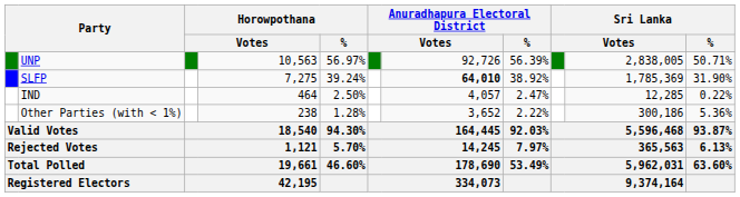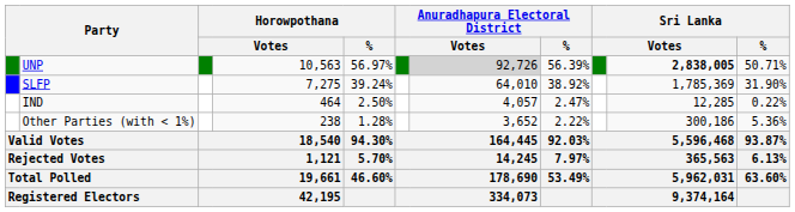 <table class="wikitable">
 <tr>
 <th colspan="2" width="144px"rowspan="2">Party</th>
 <th colspan="3" width="216px">Horowpothana</th>
 <th colspan="3" width="216px"><a href='#'>Anuradhapura Electoral District</a></th>
 <th colspan="3" width="216px">Sri Lanka</th>
 </tr>
 <tr>
 <th colspan="2" width="144px">Votes</th>
 <th>%</th>
 <th colspan="2" width="144px">Votes</th>
 <th>%</th>
 <th colspan="2" width="144px">Votes</th>
 <th>%</th>
 </tr>
 <tr>
 <td style="background-color:green;" width="10px"></td>
 <td style="text-align:left;"><a href='#'>UNP</a></td>
 <td style="background-color:green;" width="10px"></td>
 <td style="text-align:right;">10,563</td>
 <td style="text-align:right;">56.97%</td>
 <td style="background-color:green;" width="10px"></td>
-<td style="text-align:right;">92,726</td>
+<td style="background: lightgrey; text-align:right;">92,726</td>
 <td style="text-align:right;">56.39%</td>
 <td style="background-color:green;" width="10px"></td>
-<td style="text-align:right;">2,838,005</td>
+<td style="text-align:right;"><strong>2,838,005</strong></td>
 <td style="text-align:right;">50.71%</td>
 </tr>
 <tr>
 <td style="background-color:blue;" width="10px"></td>
 <td style="text-align:left;"><a href='#'>SLFP</a></td>
 <td style="background-color:white;" width="10px"></td>
 <td style="text-align:right;">7,275</td>
 <td style="text-align:right;">39.24%</td>
 <td style="background-color:white;" width="10px"></td>
-<td style="text-align:right;"><strong>64,010</strong></td>
+<td style="text-align:right;">64,010</td>
 <td style="text-align:right;">38.92%</td>
 <td style="background-color:white;" width="10px"></td>
 <td style="text-align:right;">1,785,369</td>
 <td style="text-align:right;">31.90%</td>
 </tr>
 <tr>
 <td style="background-color:white;" width="10px"></td>
 <td style="text-align:left;">IND</td>
 <td style="background-color:white;" width="10px"></td>
 <td style="text-align:right;">464</td>
 <td style="text-align:right;">2.50%</td>
 <td style="background-color:white;" width="10px"></td>
 <td style="text-align:right;">4,057</td>
 <td style="text-align:right;">2.47%</td>
 <td style="background-color:white;" width="10px"></td>
 <td style="text-align:right;">12,285</td>
 <td style="text-align:right;">0.22%</td>
 </tr>
 <tr>
 <td style="background-color:white;" width="10px"></td>
 <td style="text-align:left;">Other Parties (with < 1%)</td>
 <td style="background-color:white;" width="10px"></td>
 <td style="text-align:right;">238</td>
 <td style="text-align:right;">1.28%</td>
 <td style="background-color:white;" width="10px"></td>
 <td style="text-align:right;">3,652</td>
 <td style="text-align:right;">2.22%</td>
 <td style="background-color:white;" width="10px"></td>
 <td style="text-align:right;">300,186</td>
 <td style="text-align:right;">5.36%</td>
 </tr>
 <tr>
 <th colspan="2" width="144px"style="text-align:left;">Valid Votes</th>
 <th style="text-align:right;"colspan="2" width="144px">18,540</th>
 <th style="text-align:right;">94.30%</th>
 <th style="text-align:right;"colspan="2" width="144px">164,445</th>
 <th style="text-align:right;">92.03%</th>
 <th style="text-align:right;"colspan="2" width="144px">5,596,468</th>
 <th style="text-align:right;">93.87%</th>
 </tr>
 <tr>
 <th colspan="2" width="144px"style="text-align:left;">Rejected Votes</th>
 <th style="text-align:right;"colspan="2" width="144px">1,121</th>
 <th style="text-align:right;">5.70%</th>
 <th style="text-align:right;"colspan="2" width="144px">14,245</th>
 <th style="text-align:right;">7.97%</th>
 <th style="text-align:right;"colspan="2" width="144px">365,563</th>
 <th style="text-align:right;">6.13%</th>
 </tr>
 <tr>
 <th colspan="2" width="144px"style="text-align:left;">Total Polled</th>
 <th style="text-align:right;"colspan="2" width="144px">19,661</th>
 <th style="text-align:right;">46.60%</th>
 <th style="text-align:right;"colspan="2" width="144px">178,690</th>
 <th style="text-align:right;">53.49%</th>
 <th style="text-align:right;"colspan="2" width="144px">5,962,031</th>
 <th style="text-align:right;">63.60%</th>
 </tr>
 <tr>
 <th colspan="2" width="144px"style="text-align:left;">Registered Electors</th>
 <th style="text-align:right;"colspan="2" width="144px">42,195</th>
 <th></th>
 <th style="text-align:right;"colspan="2" width="144px">334,073</th>
 <th></th>
 <th style="text-align:right;"colspan="2" width="144px">9,374,164</th>
 <th></th>
 </tr>
 </table>
